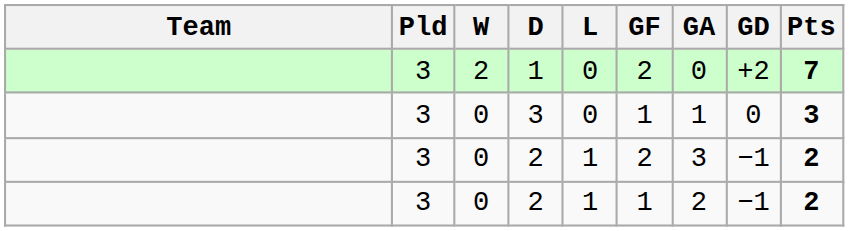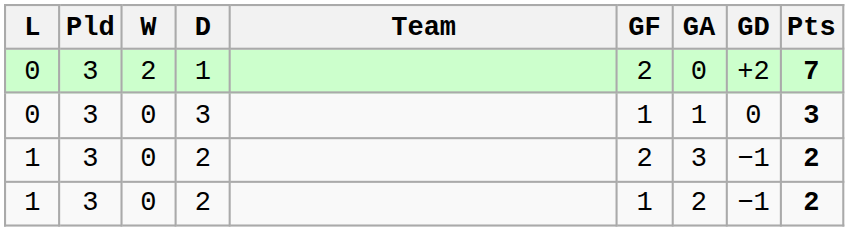 <table class="wikitable" style="text-align:center;">
 <tr>
-<th width=180>Team</th>
+<th width=20>L</th>
 <th width=20>Pld</th>
 <th width=20>W</th>
 <th width=20>D</th>
-<th width=20>L</th>
+<th width=180>Team</th>
 <th width=20>GF</th>
 <th width=20>GA</th>
 <th width=20>GD</th>
 <th width=20>Pts</th>
 </tr>
 <tr bgcolor="ccffcc">
-<td align="left"></td>
+<td>0</td>
 <td>3</td>
 <td>2</td>
 <td>1</td>
-<td>0</td>
+<td align="left"></td>
 <td>2</td>
 <td>0</td>
 <td>+2</td>
 <td><strong>7</strong></td>
 </tr>
 <tr>
-<td align="left"></td>
+<td>0</td>
 <td>3</td>
 <td>0</td>
 <td>3</td>
-<td>0</td>
+<td align="left"></td>
 <td>1</td>
 <td>1</td>
 <td>0</td>
 <td><strong>3</strong></td>
 </tr>
 <tr>
-<td align="left"></td>
+<td>1</td>
 <td>3</td>
 <td>0</td>
 <td>2</td>
-<td>1</td>
+<td align="left"></td>
 <td>2</td>
 <td>3</td>
 <td>−1</td>
 <td><strong>2</strong></td>
 </tr>
 <tr>
-<td align="left"></td>
+<td>1</td>
 <td>3</td>
 <td>0</td>
 <td>2</td>
-<td>1</td>
+<td align="left"></td>
 <td>1</td>
 <td>2</td>
 <td>−1</td>
 <td><strong>2</strong></td>
 </tr>
 </table>
